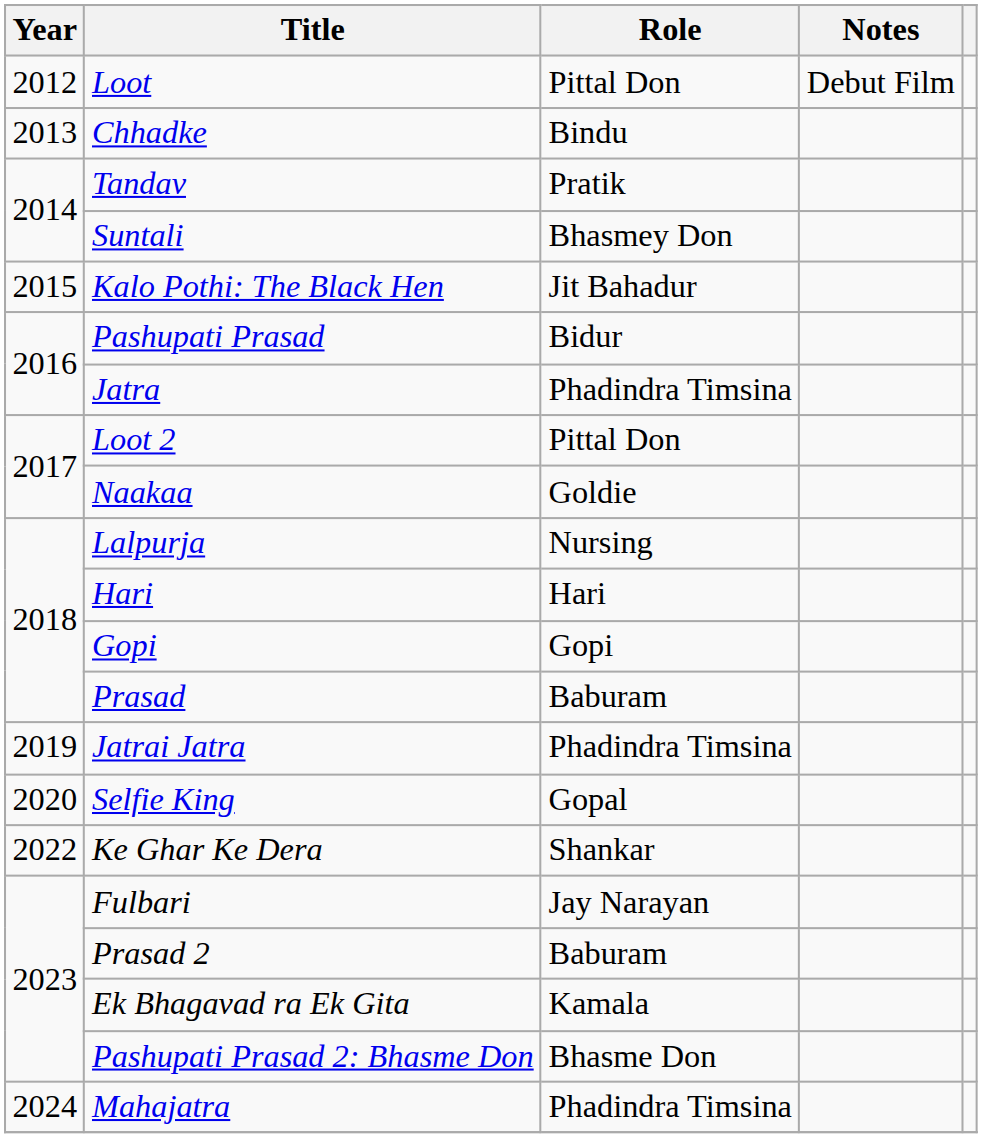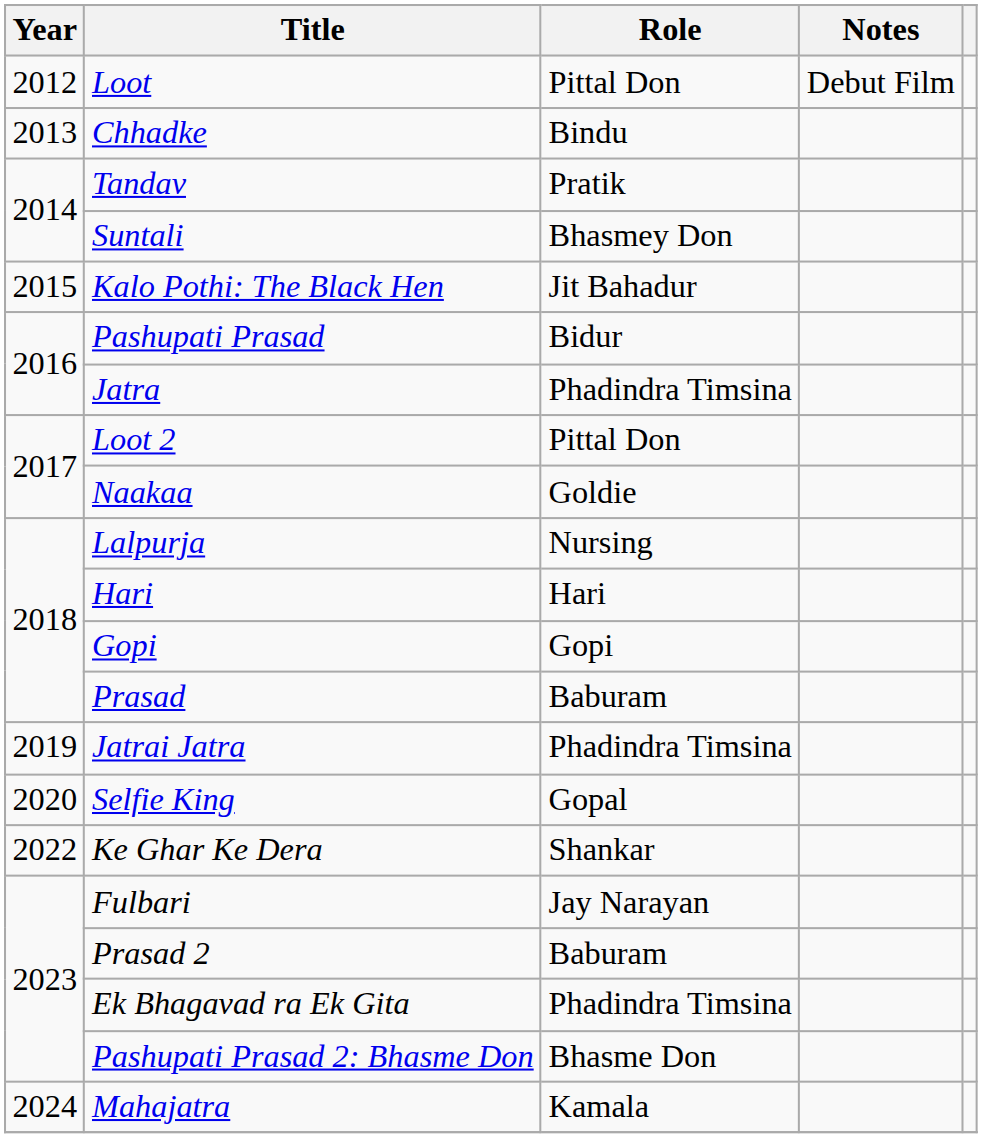 <table class="wikitable sortable plainrowheaders">
 <tr>
 <th style="text-align:center;" scope="col">Year</th>
 <th scope="col">Title</th>
 <th scope="col">Role</th>
 <th scope="col" class="unsortable">Notes</th>
 <th scope="col" class="unsortable"></th>
 </tr>
 <tr>
 <td>2012</td>
 <td><em><a href='#'>Loot</a></em></td>
 <td>Pittal Don</td>
 <td>Debut Film</td>
 <td style="text-align:center;"></td>
 </tr>
 <tr>
 <td>2013</td>
 <td><em><a href='#'>Chhadke</a></em></td>
 <td>Bindu</td>
 <td></td>
 <td></td>
 </tr>
 <tr>
 <td rowspan="2">2014</td>
 <td><em><a href='#'>Tandav</a></em></td>
 <td>Pratik</td>
 <td></td>
 <td></td>
 </tr>
 <tr>
 <td><em> <a href='#'>Suntali</a> </em></td>
 <td>Bhasmey Don</td>
 <td></td>
 <td></td>
 </tr>
 <tr>
 <td>2015</td>
 <td><em><a href='#'>Kalo Pothi: The Black Hen</a></em></td>
 <td>Jit Bahadur</td>
 <td></td>
 <td style="text-align:center;"></td>
 </tr>
 <tr>
 <td rowspan="2">2016</td>
 <td><em><a href='#'>Pashupati Prasad</a></em></td>
 <td>Bidur</td>
 <td></td>
 <td style="text-align:center;"></td>
 </tr>
 <tr>
 <td><em><a href='#'>Jatra</a></em></td>
 <td>Phadindra Timsina</td>
 <td></td>
 <td style="text-align:center;"></td>
 </tr>
 <tr>
 <td rowspan="2">2017</td>
 <td><em><a href='#'>Loot 2</a></em></td>
 <td>Pittal Don</td>
 <td></td>
 <td style="text-align:center;"></td>
 </tr>
 <tr>
 <td><em><a href='#'>Naakaa</a></em></td>
 <td>Goldie</td>
 <td></td>
 <td style="text-align:center;"><br></td>
 </tr>
 <tr>
 <td rowspan="4">2018</td>
 <td><em><a href='#'>Lalpurja</a></em></td>
 <td>Nursing</td>
 <td></td>
 <td style="text-align:center;"></td>
 </tr>
 <tr>
 <td><em><a href='#'>Hari</a></em></td>
 <td>Hari</td>
 <td></td>
 <td style="text-align:center;"><br></td>
 </tr>
 <tr>
 <td><em><a href='#'>Gopi</a></em></td>
 <td>Gopi</td>
 <td></td>
 <td style="text-align:center;"><br></td>
 </tr>
 <tr>
 <td><em><a href='#'>Prasad</a></em></td>
 <td>Baburam</td>
 <td></td>
 <td style="text-align:center;"></td>
 </tr>
 <tr>
 <td>2019</td>
 <td><em><a href='#'>Jatrai Jatra</a></em></td>
 <td>Phadindra Timsina</td>
 <td></td>
 <td style="text-align:center;"></td>
 </tr>
 <tr>
 <td>2020</td>
 <td><em><a href='#'>Selfie King</a></em></td>
 <td>Gopal</td>
 <td></td>
 <td style="text-align:center;"></td>
 </tr>
 <tr>
 <td>2022</td>
 <td><em>Ke Ghar Ke Dera</em></td>
 <td>Shankar</td>
 <td></td>
 <td></td>
 </tr>
 <tr>
 <td rowspan="4">2023</td>
 <td><em>Fulbari</em></td>
 <td>Jay Narayan</td>
 <td></td>
 <td></td>
 </tr>
 <tr>
 <td><em>Prasad 2</em></td>
 <td>Baburam</td>
 <td></td>
 <td></td>
 </tr>
 <tr>
 <td><em>Ek Bhagavad ra Ek Gita</em></td>
-<td>Kamala</td>
+<td>Phadindra Timsina</td>
 <td></td>
 <td></td>
 </tr>
 <tr>
 <td><em><a href='#'>Pashupati Prasad 2: Bhasme Don</a></em></td>
 <td>Bhasme Don</td>
 <td></td>
 <td></td>
 </tr>
 <tr>
 <td>2024</td>
 <td><em><a href='#'>Mahajatra</a></em></td>
-<td>Phadindra Timsina</td>
+<td>Kamala</td>
 <td></td>
 <td></td>
 </tr>
 <tr>
 </tr>
 </table>
